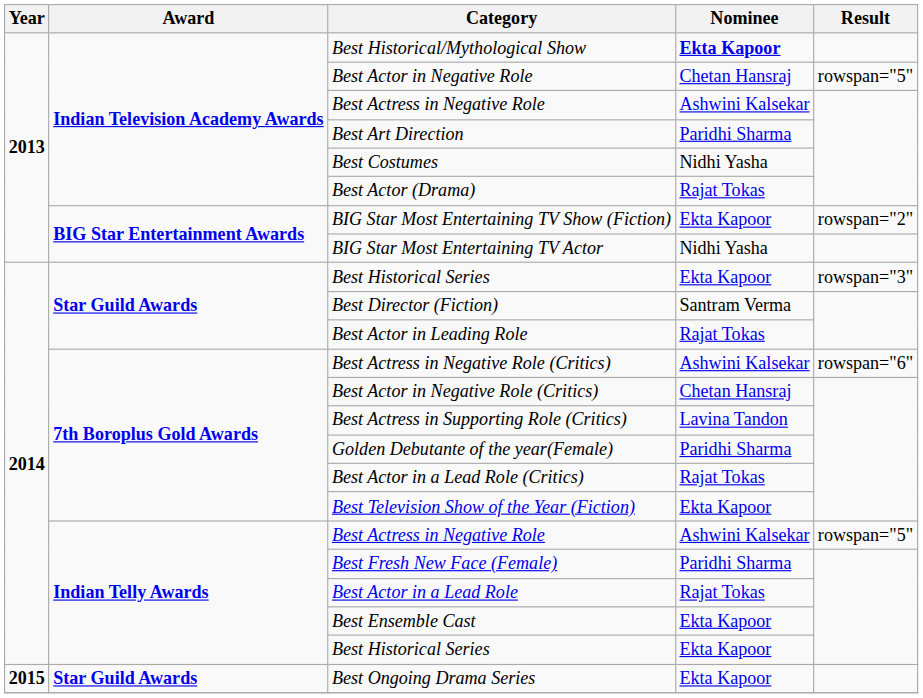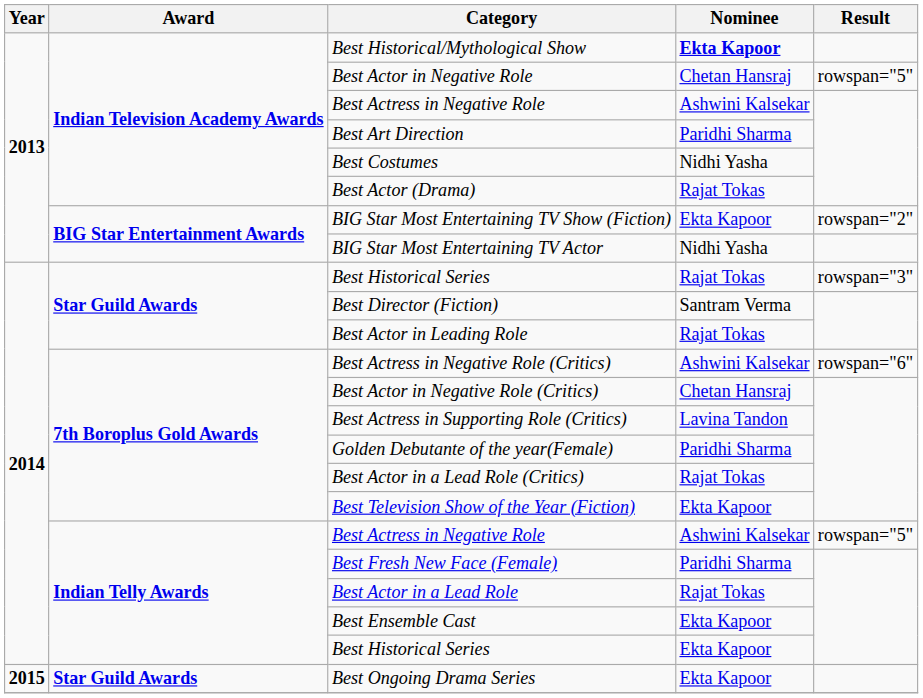 <table class="wikitable">
 <tr>
 <th>Year</th>
 <th>Award</th>
 <th>Category</th>
 <th>Nominee</th>
 <th>Result</th>
 </tr>
 <tr>
 <td rowspan="8"><strong>2013</strong></td>
 <td rowspan="6"><strong><a href='#'>Indian Television Academy Awards</a></strong></td>
 <td><em>Best Historical/Mythological Show</em></td>
 <td><strong><a href='#'>Ekta Kapoor</a></strong></td>
 <td></td>
 </tr>
 <tr>
 <td><em>Best Actor in Negative Role</em></td>
 <td><a href='#'>Chetan Hansraj</a></td>
 <td>rowspan="5" </td>
 </tr>
 <tr>
 <td><em>Best Actress in Negative Role</em></td>
 <td><a href='#'>Ashwini Kalsekar</a></td>
 </tr>
 <tr>
 <td><em>Best Art Direction</em></td>
 <td><a href='#'>Paridhi Sharma</a></td>
 </tr>
 <tr>
 <td><em>Best Costumes</em></td>
 <td>Nidhi Yasha</td>
 </tr>
 <tr>
 <td><em>Best Actor (Drama)</em></td>
 <td><a href='#'>Rajat Tokas</a></td>
 </tr>
 <tr>
 <td rowspan="2"><strong><a href='#'>BIG Star Entertainment Awards</a></strong></td>
 <td><em>BIG Star Most Entertaining TV Show (Fiction)</em></td>
 <td><a href='#'>Ekta Kapoor</a></td>
 <td>rowspan="2" </td>
 </tr>
 <tr>
 <td><em>BIG Star Most Entertaining TV Actor</em></td>
 <td>Nidhi Yasha</td>
 </tr>
 <tr>
 <td rowspan="14"><strong>2014</strong></td>
 <td rowspan="3"><strong><a href='#'>Star Guild Awards</a></strong></td>
 <td><em>Best Historical Series</em></td>
-<td><a href='#'>Ekta Kapoor</a></td>
+<td><a href='#'>Rajat Tokas</a></td>
 <td>rowspan="3" </td>
 </tr>
 <tr>
 <td><em>Best Director (Fiction)</em></td>
 <td>Santram Verma</td>
 </tr>
 <tr>
 <td><em>Best Actor in Leading Role</em></td>
 <td><a href='#'>Rajat Tokas</a></td>
 </tr>
 <tr>
 <td rowspan="6"><strong><a href='#'>7th Boroplus Gold Awards</a></strong></td>
 <td><em>Best Actress in Negative Role (Critics)</em></td>
 <td><a href='#'>Ashwini Kalsekar</a></td>
 <td>rowspan="6" </td>
 </tr>
 <tr>
 <td><em>Best Actor in Negative Role (Critics)</em></td>
 <td><a href='#'>Chetan Hansraj</a></td>
 </tr>
 <tr>
 <td><em>Best Actress in Supporting Role (Critics)</em></td>
 <td><a href='#'>Lavina Tandon</a></td>
 </tr>
 <tr>
 <td><em>Golden Debutante of the year(Female)</em></td>
 <td><a href='#'>Paridhi Sharma</a></td>
 </tr>
 <tr>
 <td><em>Best Actor in a Lead Role (Critics)</em></td>
 <td><a href='#'>Rajat Tokas</a></td>
 </tr>
 <tr>
 <td><em><a href='#'>Best Television Show of the Year (Fiction)</a></em></td>
 <td><a href='#'>Ekta Kapoor</a></td>
 </tr>
 <tr>
 <td rowspan="5"><strong><a href='#'>Indian Telly Awards</a></strong></td>
 <td><em><a href='#'>Best Actress in Negative Role</a></em></td>
 <td><a href='#'>Ashwini Kalsekar</a></td>
 <td>rowspan="5" </td>
 </tr>
 <tr>
 <td><em><a href='#'>Best Fresh New Face (Female)</a></em></td>
 <td><a href='#'>Paridhi Sharma</a></td>
 </tr>
 <tr>
 <td><em><a href='#'>Best Actor in a Lead Role</a></em></td>
 <td><a href='#'>Rajat Tokas</a></td>
 </tr>
 <tr>
 <td><em>Best Ensemble Cast</em></td>
 <td><a href='#'>Ekta Kapoor</a></td>
 </tr>
 <tr>
 <td><em>Best Historical Series</em></td>
 <td><a href='#'>Ekta Kapoor</a></td>
 </tr>
 <tr>
 <td><strong>2015</strong></td>
 <td><strong><a href='#'>Star Guild Awards</a></strong></td>
 <td><em>Best Ongoing Drama Series</em></td>
 <td><a href='#'>Ekta Kapoor</a></td>
 <td></td>
 </tr>
 <tr>
 </tr>
 </table>
